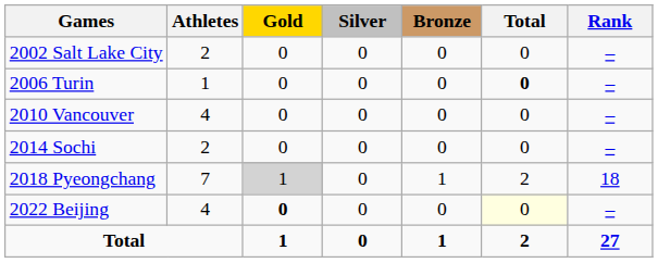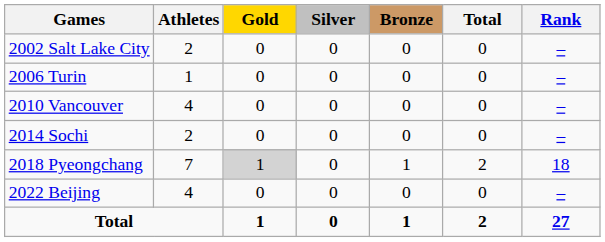 <table class="wikitable" style="text-align:center; font-size:90%;">
 <tr>
 <th>Games</th>
 <th>Athletes</th>
 <td style="background:gold; width:3.7em; font-weight:bold;">Gold</td>
 <td style="background:silver; width:3.7em; font-weight:bold;">Silver</td>
 <td style="background:#cc9966; width:3.7em; font-weight:bold;">Bronze</td>
 <th style="width:4em; font-weight:bold;">Total</th>
 <th style="width:4em; font-weight:bold;"><a href='#'>Rank</a></th>
 </tr>
 <tr>
 <td align=left> <a href='#'>2002 Salt Lake City</a></td>
 <td>2</td>
 <td>0</td>
 <td>0</td>
 <td>0</td>
 <td>0</td>
 <td><a href='#'>–</a></td>
 </tr>
 <tr>
 <td align=left> <a href='#'>2006 Turin</a></td>
 <td>1</td>
 <td>0</td>
 <td>0</td>
 <td>0</td>
-<td><strong>0</strong></td>
+<td>0</td>
 <td><a href='#'>–</a></td>
 </tr>
 <tr>
 <td align=left> <a href='#'>2010 Vancouver</a></td>
 <td>4</td>
 <td>0</td>
 <td>0</td>
 <td>0</td>
 <td>0</td>
 <td><a href='#'>–</a></td>
 </tr>
 <tr>
 <td align=left> <a href='#'>2014 Sochi</a></td>
 <td>2</td>
 <td>0</td>
 <td>0</td>
 <td>0</td>
 <td>0</td>
 <td><a href='#'>–</a></td>
 </tr>
 <tr>
 <td align=left> <a href='#'>2018 Pyeongchang</a></td>
 <td>7</td>
 <td style="background: lightgrey;">1</td>
 <td>0</td>
 <td>1</td>
 <td>2</td>
 <td><a href='#'>18</a></td>
 </tr>
 <tr>
 <td align=left> <a href='#'>2022 Beijing</a></td>
 <td>4</td>
-<td><strong>0</strong></td>
 <td>0</td>
 <td>0</td>
-<td style="background: lightyellow;">0</td>
+<td>0</td>
+<td>0</td>
 <td><a href='#'>–</a></td>
 </tr>
 <tr>
 <td colspan=2><strong>Total</strong></td>
 <td><strong>1</strong></td>
 <td><strong>0</strong></td>
 <td><strong>1</strong></td>
 <td><strong>2</strong></td>
 <td><strong><a href='#'>27</a></strong></td>
 </tr>
 </table>
